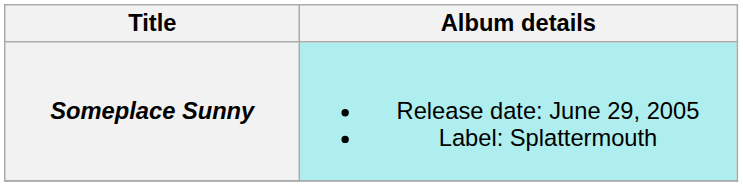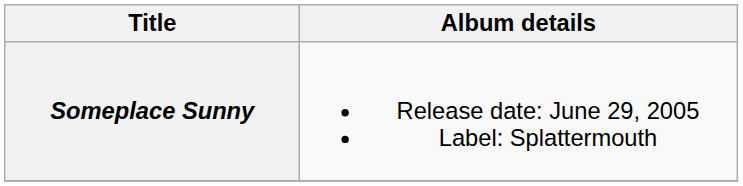 <table class="wikitable plainrowheaders" style="text-align:center;">
 <tr>
 <th style="width:12em;">Title</th>
 <th style="width:18em;">Album details</th>
 </tr>
 <tr>
 <th scope="row"><em>Someplace Sunny</em></th>
-<td style="background: paleturquoise;"><br><ul><li>Release date: June 29, 2005</li><li>Label: Splattermouth</li></ul></td>
+<td><br><ul><li>Release date: June 29, 2005</li><li>Label: Splattermouth</li></ul></td>
 </tr>
 <tr>
 </tr>
 </table>
